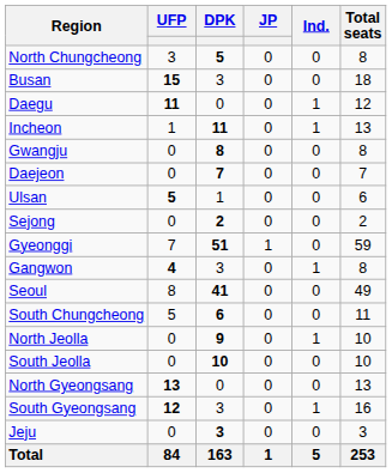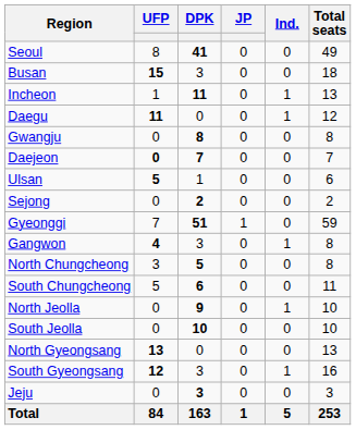 <table class="wikitable nowrap sortable" style="text-align:center; font-size:90%">
 <tr>
 <th rowspan="2">Region</th>
 <th style="width:40px" class="unsortable"><a href='#'>UFP</a></th>
 <th style="width:40px" class="unsortable"><a href='#'>DPK</a></th>
 <th style="width:40px" class="unsortable"><a href='#'>JP</a></th>
 <th rowspan="2" style="width:40px" class="unsortable"><a href='#'>Ind.</a></th>
 <th rowspan="2">Total<br>seats</th>
 </tr>
 <tr>
 <th style="background:"></th>
 <th style="background:"></th>
 <th style="background:"></th>
 </tr>
 <tr>
-<td style="text-align:left" data-sort-value="Chungcheong N"><a href='#'>North Chungcheong</a></td>
-<td>3</td>
-<td><strong>5</strong></td>
+<td style="text-align:left"><a href='#'>Seoul</a></td>
+<td>8</td>
+<td><strong>41</strong></td>
 <td>0</td>
 <td>0</td>
-<td>8</td>
+<td>49</td>
 </tr>
 <tr>
 <td style="text-align:left"><a href='#'>Busan</a></td>
 <td><strong>15</strong></td>
 <td>3</td>
 <td>0</td>
 <td>0</td>
 <td>18</td>
 </tr>
 <tr>
+<td style="text-align:left"><a href='#'>Incheon</a></td>
+<td>1</td>
+<td><strong>11</strong></td>
+<td>0</td>
+<td>1</td>
+<td>13</td>
+</tr>
+<tr>
 <td style="text-align:left"><a href='#'>Daegu</a></td>
 <td><strong>11</strong></td>
 <td>0</td>
 <td>0</td>
 <td>1</td>
 <td>12</td>
-</tr>
-<tr>
-<td style="text-align:left"><a href='#'>Incheon</a></td>
-<td>1</td>
-<td><strong>11</strong></td>
-<td>0</td>
-<td>1</td>
-<td>13</td>
 </tr>
 <tr>
 <td style="text-align:left"><a href='#'>Gwangju</a></td>
 <td>0</td>
 <td><strong>8</strong></td>
 <td>0</td>
 <td>0</td>
 <td>8</td>
 </tr>
 <tr>
 <td style="text-align:left"><a href='#'>Daejeon</a></td>
-<td>0</td>
+<td><strong>0</strong></td>
 <td><strong>7</strong></td>
 <td>0</td>
 <td>0</td>
 <td>7</td>
 </tr>
 <tr>
 <td style="text-align:left"><a href='#'>Ulsan</a></td>
 <td><strong>5</strong></td>
 <td>1</td>
 <td>0</td>
 <td>0</td>
 <td>6</td>
 </tr>
 <tr>
 <td style="text-align:left"><a href='#'>Sejong</a></td>
 <td>0</td>
 <td><strong>2</strong></td>
 <td>0</td>
 <td>0</td>
 <td>2</td>
 </tr>
 <tr>
 <td style="text-align:left"><a href='#'>Gyeonggi</a></td>
 <td>7</td>
 <td><strong>51</strong></td>
 <td>1</td>
 <td>0</td>
 <td>59</td>
 </tr>
 <tr>
 <td style="text-align:left"><a href='#'>Gangwon</a></td>
 <td><strong>4</strong></td>
 <td>3</td>
 <td>0</td>
 <td>1</td>
 <td>8</td>
 </tr>
 <tr>
-<td style="text-align:left"><a href='#'>Seoul</a></td>
-<td>8</td>
-<td><strong>41</strong></td>
+<td style="text-align:left" data-sort-value="Chungcheong N"><a href='#'>North Chungcheong</a></td>
+<td>3</td>
+<td><strong>5</strong></td>
 <td>0</td>
 <td>0</td>
-<td>49</td>
+<td>8</td>
 </tr>
 <tr>
 <td style="text-align:left" data-sort-value="Chungcheong S"><a href='#'>South Chungcheong</a></td>
 <td>5</td>
 <td><strong>6</strong></td>
 <td>0</td>
 <td>0</td>
 <td>11</td>
 </tr>
 <tr>
 <td style="text-align:left" data-sort-value="Jeolla N"><a href='#'>North Jeolla</a></td>
 <td>0</td>
 <td><strong>9</strong></td>
 <td>0</td>
 <td>1</td>
 <td>10</td>
 </tr>
 <tr>
 <td style="text-align:left" data-sort-value="Jeolla S"><a href='#'>South Jeolla</a></td>
 <td>0</td>
 <td><strong>10</strong></td>
 <td>0</td>
 <td>0</td>
 <td>10</td>
 </tr>
 <tr>
 <td style="text-align:left" data-sort-value="Gyeongsang N"><a href='#'>North Gyeongsang</a></td>
 <td><strong>13</strong></td>
 <td>0</td>
 <td>0</td>
 <td>0</td>
 <td>13</td>
 </tr>
 <tr>
 <td style="text-align:left" data-sort-value="Gyeongsang S"><a href='#'>South Gyeongsang</a></td>
 <td><strong>12</strong></td>
 <td>3</td>
 <td>0</td>
 <td>1</td>
 <td>16</td>
 </tr>
 <tr>
 <td style="text-align:left"><a href='#'>Jeju</a></td>
 <td>0</td>
 <td><strong>3</strong></td>
 <td>0</td>
 <td>0</td>
 <td>3</td>
 </tr>
 <tr class="sortbottom">
 <th style="text-align:left">Total</th>
 <th>84</th>
 <th>163</th>
 <th>1</th>
 <th>5</th>
 <th>253</th>
 </tr>
 </table>
